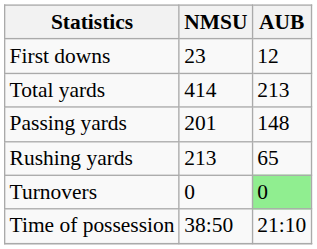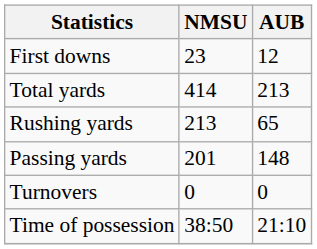 <table class="wikitable" style="float: left;">
 <tr>
 <th>Statistics</th>
 <th>NMSU</th>
 <th>AUB</th>
 </tr>
 <tr>
 <td>First downs</td>
 <td>23</td>
 <td>12</td>
 </tr>
 <tr>
 <td>Total yards</td>
 <td>414</td>
 <td>213</td>
 </tr>
 <tr>
+<td>Rushing yards</td>
+<td>213</td>
+<td>65</td>
+</tr>
+<tr>
 <td>Passing yards</td>
 <td>201</td>
 <td>148</td>
 </tr>
 <tr>
-<td>Rushing yards</td>
-<td>213</td>
-<td>65</td>
-</tr>
-<tr>
 <td>Turnovers</td>
 <td>0</td>
-<td style="background: lightgreen;">0</td>
+<td>0</td>
 </tr>
 <tr>
 <td>Time of possession</td>
 <td>38:50</td>
 <td>21:10</td>
 </tr>
 <tr>
 </tr>
 </table>
